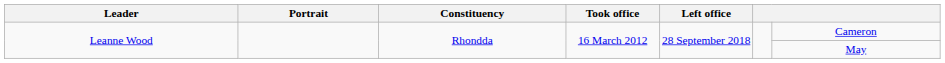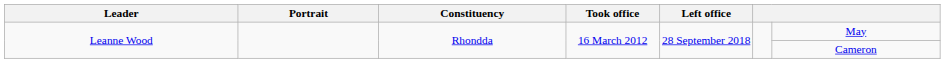 <table class="wikitable" style="text-align:center">
 <tr>
 <th style="width:25%;">Leader<br></th>
 <th width=60>Portrait</th>
 <th style="width:20%;">Constituency</th>
 <th style="width:10%;">Took office</th>
 <th style="width:10%;">Left office</th>
 <th colspan="2" style="width:20%;"></th>
 </tr>
 <tr>
 <td rowspan=2><a href='#'>Leanne Wood</a><br></td>
 <td rowspan=2></td>
 <td rowspan=2><a href='#'>Rhondda</a> </td>
 <td rowspan=2><a href='#'>16 March 2012</a></td>
 <td rowspan=2><a href='#'>28 September 2018</a></td>
 <td rowspan=2 style="background-color: "></td>
+<td><a href='#'>May</a></td>
+</tr>
+<tr>
 <td><a href='#'>Cameron</a></td>
 </tr>
-<tr>
-<td><a href='#'>May</a></td>
-</tr>
 </table>
